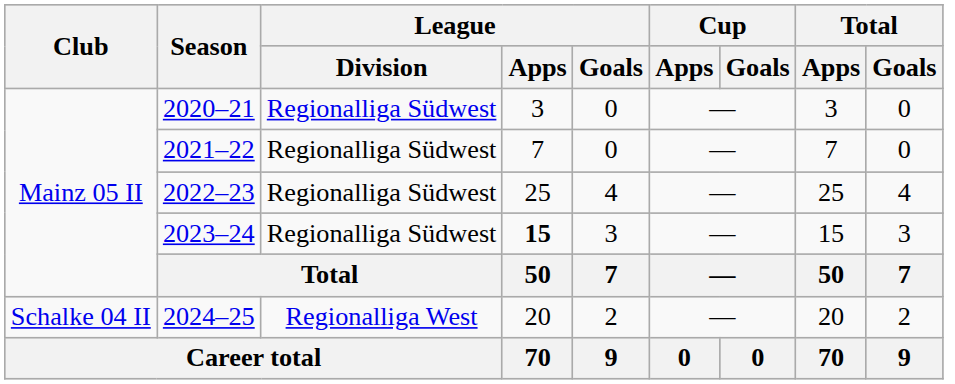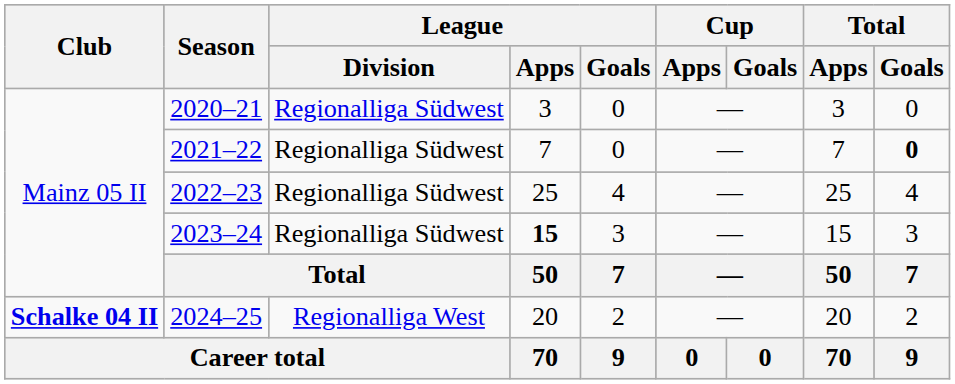 <table class="wikitable nowrap" style="text-align:center">
 <tr>
 <th rowspan="2">Club</th>
 <th rowspan="2">Season</th>
 <th colspan="3">League</th>
 <th colspan="2">Cup</th>
 <th colspan="2">Total</th>
 </tr>
 <tr>
 <th>Division</th>
 <th>Apps</th>
 <th>Goals</th>
 <th>Apps</th>
 <th>Goals</th>
 <th>Apps</th>
 <th>Goals</th>
 </tr>
 <tr>
 <td rowspan="5"><a href='#'>Mainz 05 II</a></td>
 <td><a href='#'>2020–21</a></td>
 <td><a href='#'>Regionalliga Südwest</a></td>
 <td>3</td>
 <td>0</td>
 <td colspan="2">—</td>
 <td>3</td>
 <td>0</td>
 </tr>
 <tr>
 <td><a href='#'>2021–22</a></td>
 <td>Regionalliga Südwest</td>
 <td>7</td>
 <td>0</td>
 <td colspan="2">—</td>
 <td>7</td>
-<td>0</td>
+<td><strong>0</strong></td>
 </tr>
 <tr>
 <td><a href='#'>2022–23</a></td>
 <td>Regionalliga Südwest</td>
 <td>25</td>
 <td>4</td>
 <td colspan="2">—</td>
 <td>25</td>
 <td>4</td>
 </tr>
 <tr>
 <td><a href='#'>2023–24</a></td>
 <td>Regionalliga Südwest</td>
 <td><strong>15</strong></td>
 <td>3</td>
 <td colspan="2">—</td>
 <td>15</td>
 <td>3</td>
 </tr>
 <tr>
 <th colspan="2">Total</th>
 <th>50</th>
 <th>7</th>
 <th colspan="2">—</th>
 <th>50</th>
 <th>7</th>
 </tr>
 <tr>
-<td><a href='#'>Schalke 04 II</a></td>
+<td><strong><a href='#'>Schalke 04 II</a></strong></td>
 <td><a href='#'>2024–25</a></td>
 <td><a href='#'>Regionalliga West</a></td>
 <td>20</td>
 <td>2</td>
 <td colspan="2">—</td>
 <td>20</td>
 <td>2</td>
 </tr>
 <tr>
 <th colspan="3">Career total</th>
 <th>70</th>
 <th>9</th>
 <th>0</th>
 <th>0</th>
 <th>70</th>
 <th>9</th>
 </tr>
 </table>
